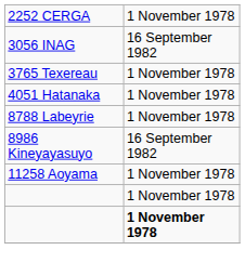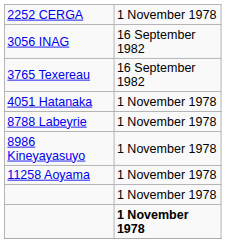 <table class="wikitable floatright" style="font-size: 0.9em; width: 250px;">
 <tr>
 <td><a href='#'>2252 CERGA</a></td>
 <td>1 November 1978</td>
 </tr>
 <tr>
 <td><a href='#'>3056 INAG</a></td>
 <td>16 September 1982</td>
 </tr>
 <tr>
 <td><a href='#'>3765 Texereau</a></td>
-<td>1 November 1978</td>
+<td>16 September 1982</td>
 </tr>
 <tr>
 <td><a href='#'>4051 Hatanaka</a></td>
 <td>1 November 1978</td>
 </tr>
 <tr>
 <td><a href='#'>8788 Labeyrie</a></td>
 <td>1 November 1978</td>
 </tr>
 <tr>
 <td><a href='#'>8986 Kineyayasuyo</a></td>
-<td>16 September 1982</td>
+<td>1 November 1978</td>
 </tr>
 <tr>
 <td><a href='#'>11258 Aoyama</a></td>
 <td>1 November 1978</td>
 </tr>
 <tr>
 <td></td>
 <td>1 November 1978</td>
 </tr>
 <tr>
 <td></td>
 <td><strong>1 November 1978</strong></td>
 </tr>
 <tr>
 </tr>
 </table>
